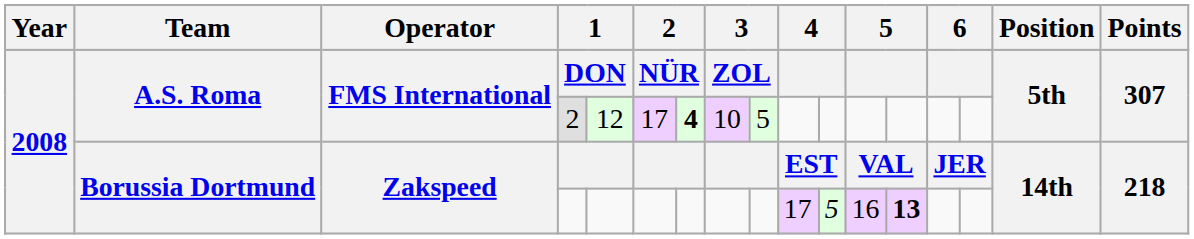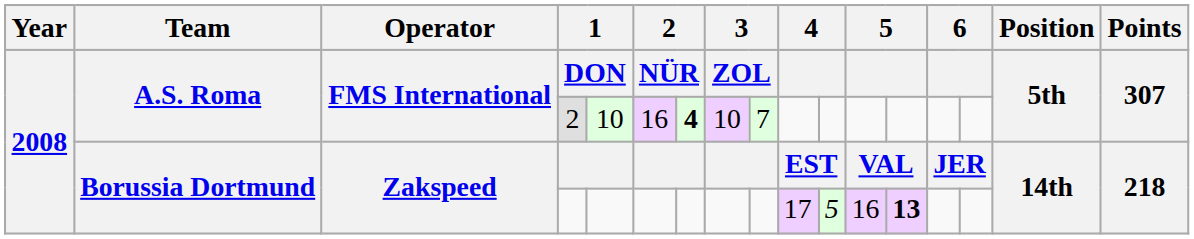 <table class="wikitable" style="text-align:center; font-size:85%">
 <tr>
 <th>Year</th>
 <th>Team</th>
 <th>Operator</th>
 <th colspan=2>1</th>
 <th colspan=2>2</th>
 <th colspan=2>3</th>
 <th colspan=2>4</th>
 <th colspan=2>5</th>
 <th colspan=2>6</th>
 <th>Position</th>
 <th>Points</th>
 </tr>
 <tr>
 <th rowspan=4><a href='#'>2008</a></th>
 <th rowspan=2 nowrap><a href='#'>A.S. Roma</a></th>
 <th rowspan=2 nowrap><a href='#'>FMS International</a></th>
 <th colspan=2><a href='#'>DON</a></th>
 <th colspan=2><a href='#'>NÜR</a></th>
 <th colspan=2><a href='#'>ZOL</a></th>
 <th colspan=2></th>
 <th colspan=2></th>
 <th colspan=2></th>
 <th rowspan=2>5th</th>
 <th rowspan=2>307</th>
 </tr>
 <tr>
 <td style="background:#dfdfdf;">2</td>
-<td style="background:#dfffdf;">12</td>
-<td style="background:#efcfff;">17</td>
+<td style="background:#dfffdf;">10</td>
+<td style="background:#efcfff;">16</td>
 <td style="background:#dfffdf;"><strong>4</strong></td>
 <td style="background:#efcfff;">10</td>
-<td style="background:#dfffdf;">5</td>
+<td style="background:#dfffdf;">7</td>
 <td></td>
 <td></td>
 <td></td>
 <td></td>
 <td></td>
 <td></td>
 </tr>
 <tr>
 <th rowspan=2 nowrap><a href='#'>Borussia Dortmund</a></th>
 <th rowspan=2 nowrap><a href='#'>Zakspeed</a></th>
 <th colspan=2></th>
 <th colspan=2></th>
 <th colspan=2></th>
 <th colspan=2><a href='#'>EST</a></th>
 <th colspan=2><a href='#'>VAL</a></th>
 <th colspan=2><a href='#'>JER</a></th>
 <th rowspan=2>14th</th>
 <th rowspan=2>218</th>
 </tr>
 <tr>
 <td></td>
 <td></td>
 <td></td>
 <td></td>
 <td></td>
 <td></td>
 <td style="background:#efcfff;">17</td>
 <td style="background:#dfffdf;"><em>5</em></td>
 <td style="background:#efcfff;">16</td>
 <td style="background:#efcfff;"><strong>13</strong></td>
 <td></td>
 <td></td>
 </tr>
 </table>
